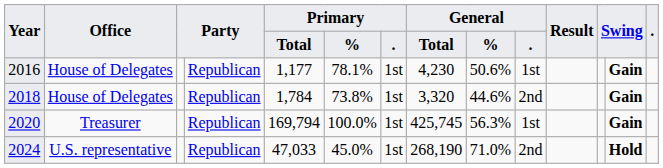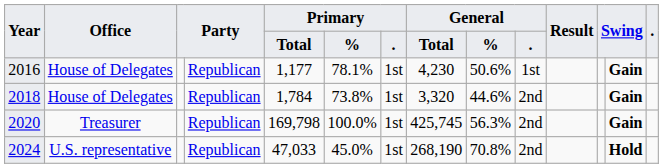 <table class="wikitable" style="font-size:90%; text-align:center;">
 <tr>
 <th style="background-color:#EAECF0;" rowspan=2>Year</th>
 <th style="background-color:#EAECF0;" rowspan=2>Office</th>
 <th style="background-color:#EAECF0;" colspan=2 rowspan=2>Party</th>
 <th style="background-color:#EAECF0;" colspan=3>Primary</th>
 <th style="background-color:#EAECF0;" colspan=3>General</th>
 <th style="background-color:#EAECF0;" rowspan=2>Result</th>
 <th style="background-color:#EAECF0;" colspan=2 rowspan=2><a href='#'>Swing</a></th>
 <th style="background-color:#EAECF0;" rowspan=2>.</th>
 </tr>
 <tr>
 <th style="background-color:#EAECF0;">Total</th>
 <th style="background-color:#EAECF0;">%</th>
 <th style="background-color:#EAECF0;">.</th>
 <th style="background-color:#EAECF0;">Total</th>
 <th style="background-color:#EAECF0;">%</th>
 <th style="background-color:#EAECF0;">.</th>
 </tr>
 <tr>
 <td style="background-color:#EAECF0;">2016</td>
 <td><a href='#'>House of Delegates</a></td>
 <td style="background-color:"></td>
 <td><a href='#'>Republican</a></td>
 <td>1,177</td>
 <td>78.1%</td>
 <td>1st</td>
 <td>4,230</td>
 <td>50.6%</td>
 <td>1st</td>
 <td></td>
 <td style="background-color:"></td>
 <td><strong>Gain</strong></td>
 <td></td>
 </tr>
 <tr>
 <td style="background-color:#EAECF0;"><a href='#'>2018</a></td>
 <td><a href='#'>House of Delegates</a></td>
 <td style="background-color:"></td>
 <td><a href='#'>Republican</a></td>
 <td>1,784</td>
 <td>73.8%</td>
 <td>1st</td>
 <td>3,320</td>
 <td>44.6%</td>
 <td>2nd</td>
 <td></td>
 <td style="background-color:"></td>
 <td><strong>Gain</strong></td>
 <td></td>
 </tr>
 <tr>
 <td style="background-color:#EAECF0;"><a href='#'>2020</a></td>
 <td><a href='#'>Treasurer</a></td>
 <td style="background-color:"></td>
 <td><a href='#'>Republican</a></td>
-<td>169,794</td>
+<td>169,798</td>
 <td>100.0%</td>
 <td>1st</td>
 <td>425,745</td>
 <td>56.3%</td>
-<td>1st</td>
+<td>2nd</td>
 <td></td>
 <td style="background-color:"></td>
 <td><strong>Gain</strong></td>
 <td></td>
 </tr>
 <tr>
 <td style="background-color:#EAECF0;"><a href='#'>2024</a></td>
 <td><a href='#'>U.S. representative</a></td>
 <td style="background-color:"></td>
 <td><a href='#'>Republican</a></td>
 <td>47,033</td>
 <td>45.0%</td>
 <td>1st</td>
 <td>268,190</td>
-<td>71.0%</td>
+<td>70.8%</td>
 <td>2nd</td>
 <td></td>
 <td style="background-color:"></td>
 <td><strong>Hold</strong></td>
 <td></td>
 </tr>
 </table>
